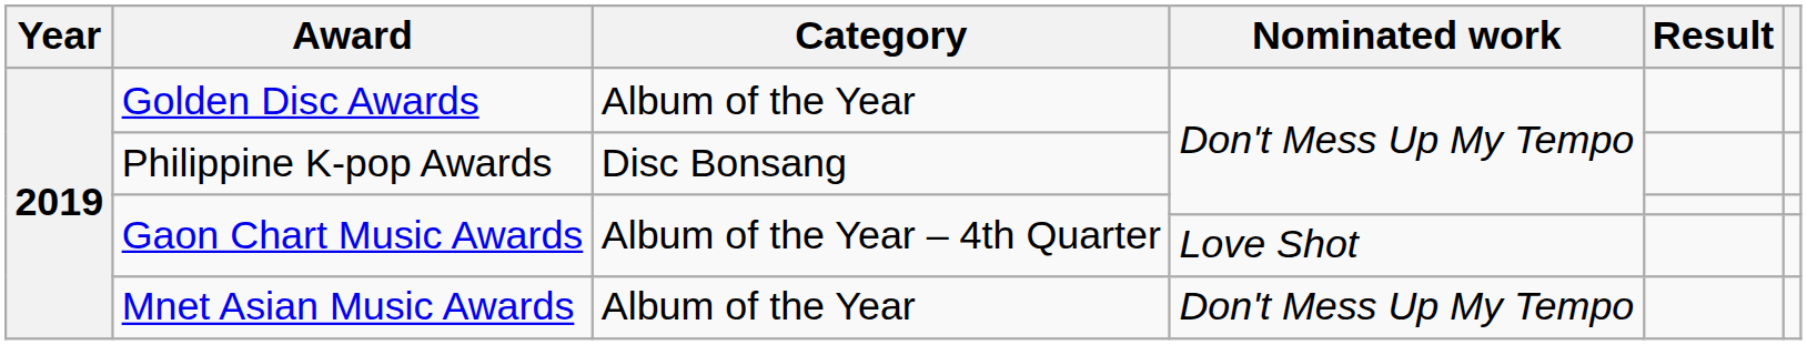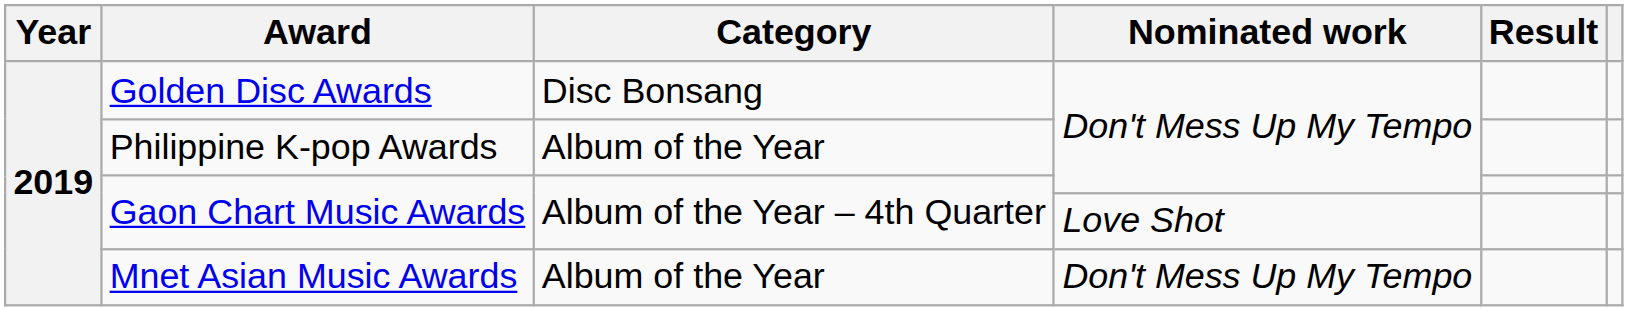 <table class="wikitable plainrowheaders">
 <tr>
 <th>Year</th>
 <th>Award</th>
 <th>Category</th>
 <th>Nominated work</th>
 <th>Result</th>
 <th class="unsortable"></th>
 </tr>
 <tr>
 <th scope="row" rowspan="5">2019</th>
 <td><a href='#'>Golden Disc Awards</a></td>
-<td>Album of the Year</td>
+<td>Disc Bonsang</td>
 <td rowspan="3'"><em>Don't Mess Up My Tempo</em></td>
 <td></td>
 <td align="center"></td>
 </tr>
 <tr>
 <td>Philippine K-pop Awards</td>
-<td>Disc Bonsang</td>
+<td>Album of the Year</td>
 <td></td>
 <td align="center"></td>
 </tr>
 <tr>
 <td rowspan="2"><a href='#'>Gaon Chart Music Awards</a></td>
 <td rowspan="2">Album of the Year – 4th Quarter</td>
 <td></td>
 <td align="center"></td>
 </tr>
 <tr>
 <td><em>Love Shot</em></td>
 <td></td>
 <td align="center"></td>
 </tr>
 <tr>
 <td><a href='#'>Mnet Asian Music Awards</a></td>
 <td>Album of the Year</td>
 <td><em>Don't Mess Up My Tempo</em></td>
 <td></td>
 <td align="center"></td>
 </tr>
 </table>
